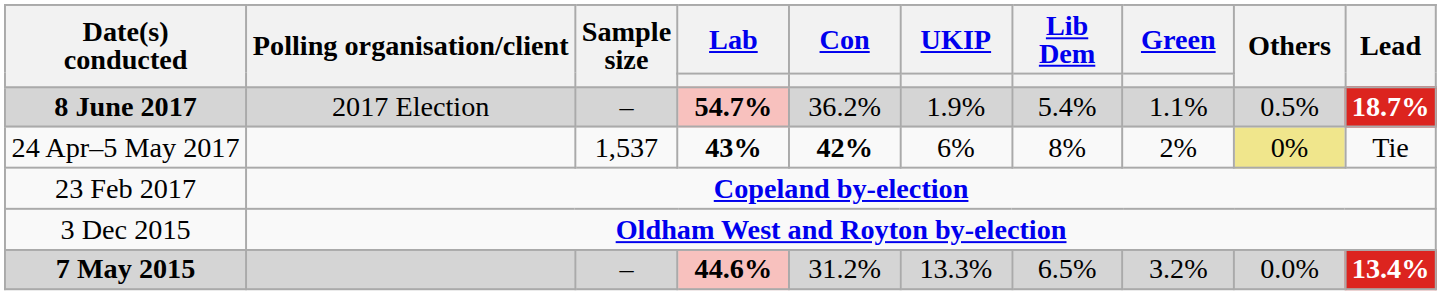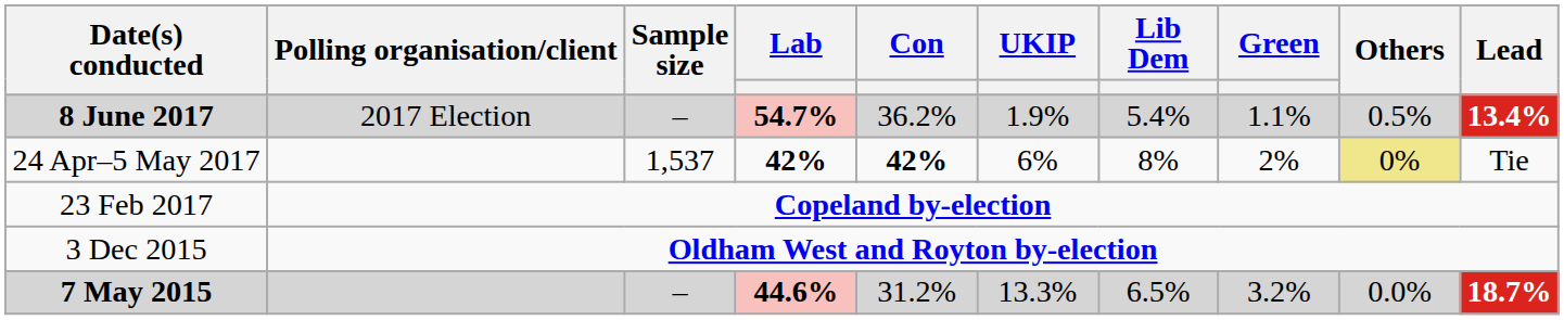 <table class="wikitable sortable mw-datatable" style="text-align:center;font-size:90%;line-height:14px;">
 <tr>
 <th rowspan="2">Date(s)<br>conducted</th>
 <th rowspan="2">Polling organisation/client</th>
 <th rowspan="2">Sample<br>size</th>
 <th style="width:50px;" class="unsortable"><a href='#'>Lab</a></th>
 <th style="width:50px;" class="unsortable"><a href='#'>Con</a></th>
 <th style="width:50px;" class="unsortable"><a href='#'>UKIP</a></th>
 <th style="width:50px;" class="unsortable"><a href='#'>Lib Dem</a></th>
 <th style="width:50px;" class="unsortable"><a href='#'>Green</a></th>
 <th style="width:50px;" rowspan="2" class="unsortable">Others</th>
 <th class="unsortable" style="width:20px;" rowspan="2">Lead</th>
 </tr>
 <tr>
 <th class="unsortable" style="color:inherit;background:"></th>
 <th class="unsortable" style="color:inherit;background:"></th>
 <th class="unsortable" style="color:inherit;background:"></th>
 <th class="unsortable" style="color:inherit;background:"></th>
 <th class="unsortable" style="color:inherit;background:"></th>
 </tr>
 <tr>
 <td style="background:#D5D5D5"><strong>8 June 2017</strong></td>
 <td style="background:#D5D5D5">2017 Election</td>
 <td style="background:#D5D5D5">–</td>
 <td style="background:#F8C1BE"><strong>54.7%</strong></td>
 <td style="background:#D5D5D5">36.2%</td>
 <td style="background:#D5D5D5">1.9%</td>
 <td style="background:#D5D5D5">5.4%</td>
 <td style="background:#D5D5D5">1.1%</td>
 <td style="background:#D5D5D5">0.5%</td>
-<td style="background:#dc241f; color:white;"><strong>18.7%</strong></td>
+<td style="background:#dc241f; color:white;"><strong>13.4%</strong></td>
 </tr>
 <tr>
 <td>24 Apr–5 May 2017</td>
 <td></td>
 <td>1,537</td>
-<td><strong>43%</strong></td>
+<td><strong>42%</strong></td>
 <td><strong>42%</strong></td>
 <td>6%</td>
 <td>8%</td>
 <td>2%</td>
 <td style="background: khaki;">0%</td>
 <td>Tie</td>
 </tr>
 <tr>
 <td>23 Feb 2017</td>
 <td colspan="10"><strong><a href='#'>Copeland by-election</a></strong></td>
 </tr>
 <tr>
 <td>3 Dec 2015</td>
 <td colspan="10"><strong><a href='#'>Oldham West and Royton by-election</a></strong></td>
 </tr>
 <tr>
 <td style="background:#D5D5D5"><strong>7 May 2015</strong></td>
 <td style="background:#D5D5D5"></td>
 <td style="background:#D5D5D5">–</td>
 <td style="background:#F8C1BE"><strong>44.6%</strong></td>
 <td style="background:#D5D5D5">31.2%</td>
 <td style="background:#D5D5D5">13.3%</td>
 <td style="background:#D5D5D5">6.5%</td>
 <td style="background:#D5D5D5">3.2%</td>
 <td style="background:#D5D5D5">0.0%</td>
-<td style="background:#dc241f; color:white;"><strong>13.4%</strong></td>
+<td style="background:#dc241f; color:white;"><strong>18.7%</strong></td>
 </tr>
 </table>
